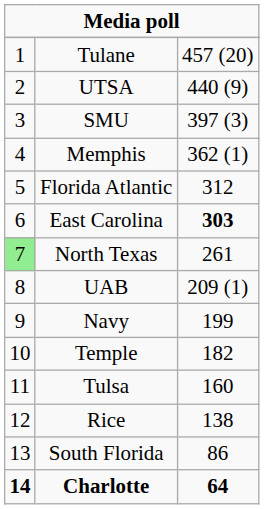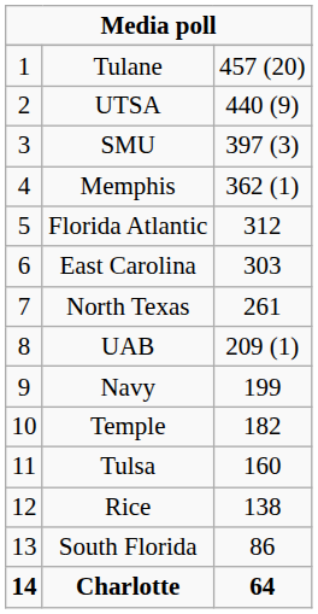 <table class="wikitable">
 <tr align="center">
 <td align="center" Colspan="3"><strong>Media poll</strong></td>
 </tr>
 <tr align="center">
 </tr>
 <tr align="center">
 <td>1</td>
 <td>Tulane</td>
 <td>457 (20)</td>
 </tr>
 <tr align="center">
 <td>2</td>
 <td>UTSA</td>
 <td>440 (9)</td>
 </tr>
 <tr align="center">
 <td>3</td>
 <td>SMU</td>
 <td>397 (3)</td>
 </tr>
 <tr align="center">
 <td>4</td>
 <td>Memphis</td>
 <td>362 (1)</td>
 </tr>
 <tr align="center">
 <td>5</td>
 <td>Florida Atlantic</td>
 <td>312</td>
 </tr>
 <tr align="center">
 <td>6</td>
 <td>East Carolina</td>
-<td><strong>303</strong></td>
+<td>303</td>
 </tr>
 <tr align="center">
-<td style="background: lightgreen;">7</td>
+<td>7</td>
 <td>North Texas</td>
 <td>261</td>
 </tr>
 <tr align="center">
 <td>8</td>
 <td>UAB</td>
 <td>209 (1)</td>
 </tr>
 <tr align="center">
 <td>9</td>
 <td>Navy</td>
 <td>199</td>
 </tr>
 <tr align="center">
 <td>10</td>
 <td>Temple</td>
 <td>182</td>
 </tr>
 <tr align="center">
 <td>11</td>
 <td>Tulsa</td>
 <td>160</td>
 </tr>
 <tr align="center">
 <td>12</td>
 <td>Rice</td>
 <td>138</td>
 </tr>
 <tr align="center">
 <td>13</td>
 <td>South Florida</td>
 <td>86</td>
 </tr>
 <tr align="center">
 <td><strong>14</strong></td>
 <td><strong>Charlotte</strong></td>
 <td><strong>64</strong></td>
 </tr>
 </table>
